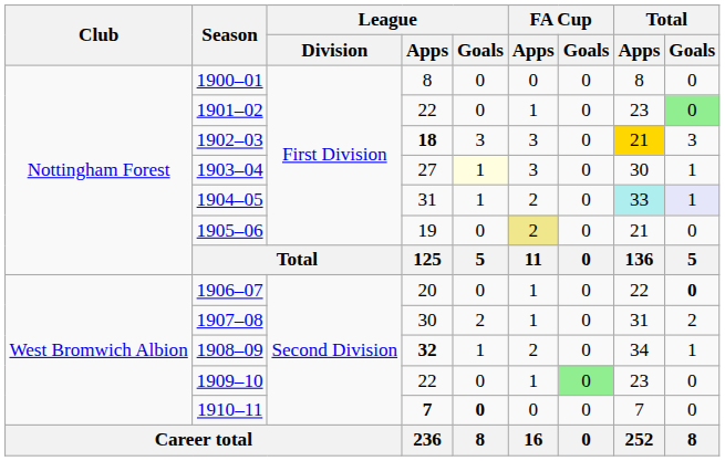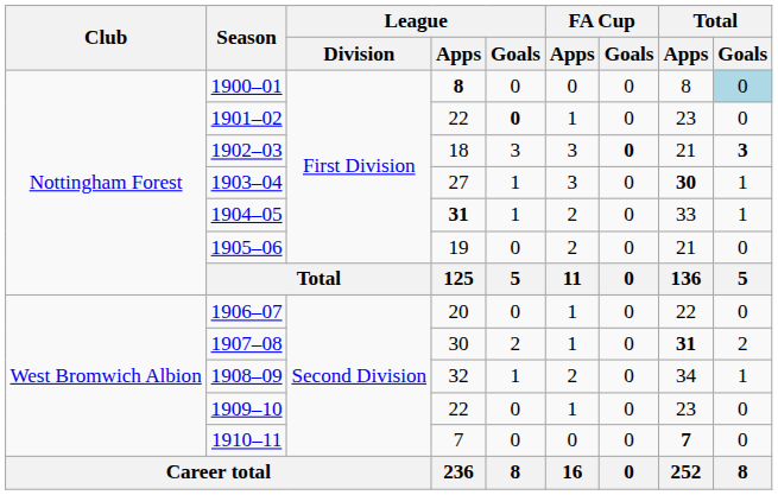 <table class="wikitable" style="text-align: center;">
 <tr>
 <th rowspan="2">Club</th>
 <th rowspan="2">Season</th>
 <th colspan="3">League</th>
 <th colspan="2">FA Cup</th>
 <th colspan="2">Total</th>
 </tr>
 <tr>
 <th>Division</th>
 <th>Apps</th>
 <th>Goals</th>
 <th>Apps</th>
 <th>Goals</th>
 <th>Apps</th>
 <th>Goals</th>
 </tr>
 <tr>
 <td rowspan="7"><a href='#'>Nottingham Forest</a></td>
 <td><a href='#'>1900–01</a></td>
 <td rowspan="6"><a href='#'>First Division</a></td>
-<td>8</td>
+<td><strong>8</strong></td>
 <td>0</td>
 <td>0</td>
 <td>0</td>
 <td>8</td>
-<td>0</td>
+<td style="background: lightblue;">0</td>
 </tr>
 <tr>
 <td><a href='#'>1901–02</a></td>
 <td>22</td>
-<td>0</td>
+<td><strong>0</strong></td>
 <td>1</td>
 <td>0</td>
 <td>23</td>
-<td style="background: lightgreen;">0</td>
+<td>0</td>
 </tr>
 <tr>
 <td><a href='#'>1902–03</a></td>
-<td><strong>18</strong></td>
+<td>18</td>
 <td>3</td>
 <td>3</td>
-<td>0</td>
-<td style="background: gold;">21</td>
-<td>3</td>
+<td><strong>0</strong></td>
+<td>21</td>
+<td><strong>3</strong></td>
 </tr>
 <tr>
 <td><a href='#'>1903–04</a></td>
 <td>27</td>
-<td style="background: lightyellow;">1</td>
+<td>1</td>
 <td>3</td>
 <td>0</td>
-<td>30</td>
+<td><strong>30</strong></td>
 <td>1</td>
 </tr>
 <tr>
 <td><a href='#'>1904–05</a></td>
-<td>31</td>
+<td><strong>31</strong></td>
 <td>1</td>
 <td>2</td>
 <td>0</td>
-<td style="background: paleturquoise;">33</td>
-<td style="background: lavender;">1</td>
+<td>33</td>
+<td>1</td>
 </tr>
 <tr>
 <td><a href='#'>1905–06</a></td>
 <td>19</td>
 <td>0</td>
-<td style="background: khaki;">2</td>
+<td>2</td>
 <td>0</td>
 <td>21</td>
 <td>0</td>
 </tr>
 <tr>
 <th colspan="2">Total</th>
 <th>125</th>
 <th>5</th>
 <th>11</th>
 <th>0</th>
 <th>136</th>
 <th>5</th>
 </tr>
 <tr>
 <td rowspan="5"><a href='#'>West Bromwich Albion</a></td>
 <td><a href='#'>1906–07</a></td>
 <td rowspan="5"><a href='#'>Second Division</a></td>
 <td>20</td>
 <td>0</td>
 <td>1</td>
 <td>0</td>
 <td>22</td>
-<td><strong>0</strong></td>
+<td>0</td>
 </tr>
 <tr>
 <td><a href='#'>1907–08</a></td>
 <td>30</td>
 <td>2</td>
 <td>1</td>
 <td>0</td>
-<td>31</td>
+<td><strong>31</strong></td>
 <td>2</td>
 </tr>
 <tr>
 <td><a href='#'>1908–09</a></td>
-<td><strong>32</strong></td>
+<td>32</td>
 <td>1</td>
 <td>2</td>
 <td>0</td>
 <td>34</td>
 <td>1</td>
 </tr>
 <tr>
 <td><a href='#'>1909–10</a></td>
 <td>22</td>
 <td>0</td>
 <td>1</td>
-<td style="background: lightgreen;">0</td>
+<td>0</td>
 <td>23</td>
 <td>0</td>
 </tr>
 <tr>
 <td><a href='#'>1910–11</a></td>
-<td><strong>7</strong></td>
-<td><strong>0</strong></td>
+<td>7</td>
 <td>0</td>
 <td>0</td>
-<td>7</td>
+<td>0</td>
+<td><strong>7</strong></td>
 <td>0</td>
 </tr>
 <tr>
 <th colspan="3">Career total</th>
 <th>236</th>
 <th>8</th>
 <th>16</th>
 <th>0</th>
 <th>252</th>
 <th>8</th>
 </tr>
 </table>
